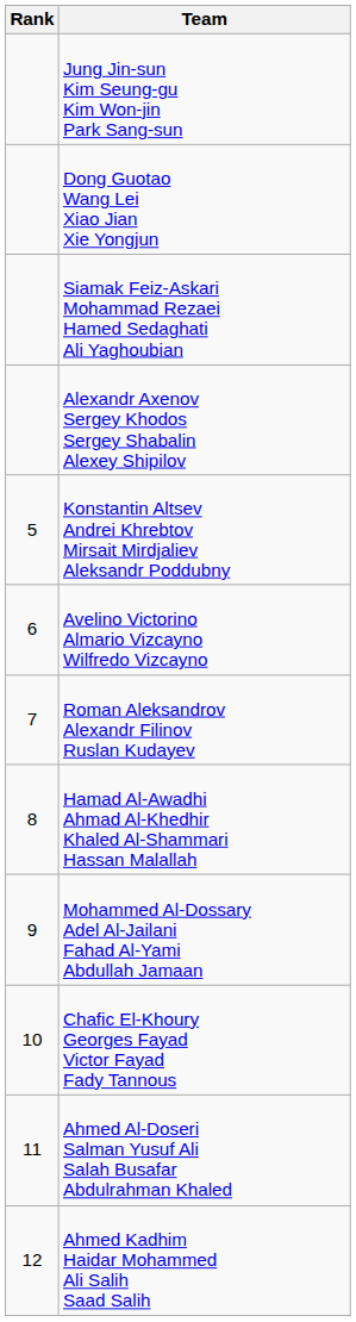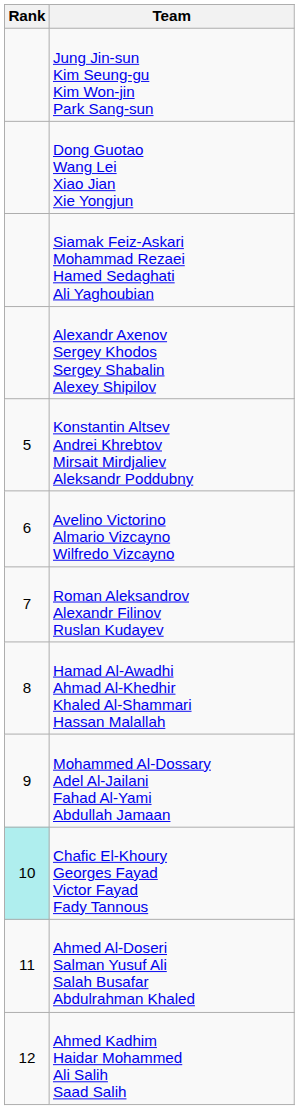 <table class="wikitable" style="text-align: center;">
 <tr>
 <th width=40>Rank</th>
 <th width=250>Team</th>
 </tr>
 <tr>
 <td></td>
 <td align=left><br><a href='#'>Jung Jin-sun</a><br><a href='#'>Kim Seung-gu</a><br><a href='#'>Kim Won-jin</a><br><a href='#'>Park Sang-sun</a></td>
 </tr>
 <tr>
 <td></td>
 <td align=left><br><a href='#'>Dong Guotao</a><br><a href='#'>Wang Lei</a><br><a href='#'>Xiao Jian</a><br><a href='#'>Xie Yongjun</a></td>
 </tr>
 <tr>
 <td></td>
 <td align=left><br><a href='#'>Siamak Feiz-Askari</a><br><a href='#'>Mohammad Rezaei</a><br><a href='#'>Hamed Sedaghati</a><br><a href='#'>Ali Yaghoubian</a></td>
 </tr>
 <tr>
 <td></td>
 <td align=left><br><a href='#'>Alexandr Axenov</a><br><a href='#'>Sergey Khodos</a><br><a href='#'>Sergey Shabalin</a><br><a href='#'>Alexey Shipilov</a></td>
 </tr>
 <tr>
 <td>5</td>
 <td align=left><br><a href='#'>Konstantin Altsev</a><br><a href='#'>Andrei Khrebtov</a><br><a href='#'>Mirsait Mirdjaliev</a><br><a href='#'>Aleksandr Poddubny</a></td>
 </tr>
 <tr>
 <td>6</td>
 <td align=left><br><a href='#'>Avelino Victorino</a><br><a href='#'>Almario Vizcayno</a><br><a href='#'>Wilfredo Vizcayno</a></td>
 </tr>
 <tr>
 <td>7</td>
 <td align=left><br><a href='#'>Roman Aleksandrov</a><br><a href='#'>Alexandr Filinov</a><br><a href='#'>Ruslan Kudayev</a></td>
 </tr>
 <tr>
 <td>8</td>
 <td align=left><br><a href='#'>Hamad Al-Awadhi</a><br><a href='#'>Ahmad Al-Khedhir</a><br><a href='#'>Khaled Al-Shammari</a><br><a href='#'>Hassan Malallah</a></td>
 </tr>
 <tr>
 <td>9</td>
 <td align=left><br><a href='#'>Mohammed Al-Dossary</a><br><a href='#'>Adel Al-Jailani</a><br><a href='#'>Fahad Al-Yami</a><br><a href='#'>Abdullah Jamaan</a></td>
 </tr>
 <tr>
-<td>10</td>
+<td style="background: paleturquoise;">10</td>
 <td align=left><br><a href='#'>Chafic El-Khoury</a><br><a href='#'>Georges Fayad</a><br><a href='#'>Victor Fayad</a><br><a href='#'>Fady Tannous</a></td>
 </tr>
 <tr>
 <td>11</td>
 <td align=left><br><a href='#'>Ahmed Al-Doseri</a><br><a href='#'>Salman Yusuf Ali</a><br><a href='#'>Salah Busafar</a><br><a href='#'>Abdulrahman Khaled</a></td>
 </tr>
 <tr>
 <td>12</td>
 <td align=left><br><a href='#'>Ahmed Kadhim</a><br><a href='#'>Haidar Mohammed</a><br><a href='#'>Ali Salih</a><br><a href='#'>Saad Salih</a></td>
 </tr>
 </table>
